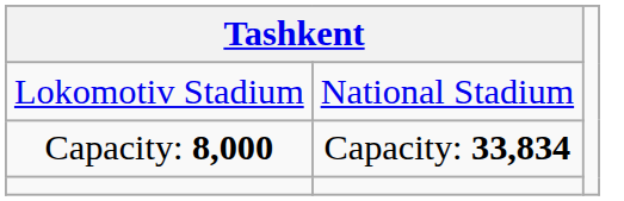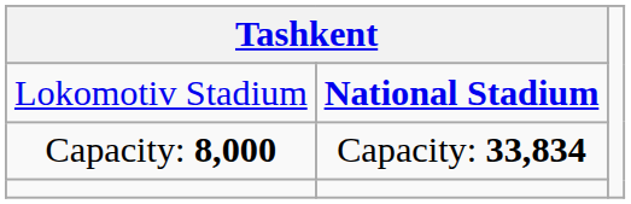 <table class="wikitable" style="text-align:center">
 <tr>
 <th colspan="2"><a href='#'>Tashkent</a></th>
 <td rowspan=4></td>
 </tr>
 <tr>
 <td><a href='#'>Lokomotiv Stadium</a></td>
-<td><a href='#'>National Stadium</a></td>
+<td><strong><a href='#'>National Stadium</a></strong></td>
 </tr>
 <tr>
 <td>Capacity: <strong>	8,000</strong></td>
 <td>Capacity: <strong>33,834</strong></td>
 </tr>
 <tr>
 <td></td>
 <td></td>
 </tr>
 </table>
